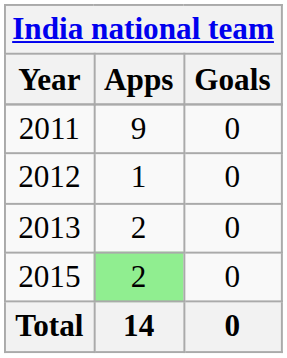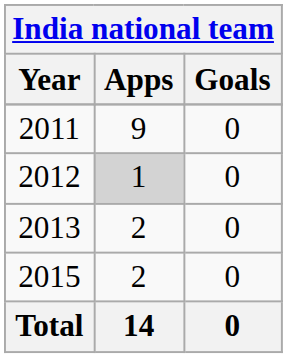 <table class="wikitable" style="text-align:center">
 <tr>
 <th colspan=3><a href='#'>India national team</a></th>
 </tr>
 <tr>
 <th>Year</th>
 <th>Apps</th>
 <th>Goals</th>
 </tr>
 <tr>
 </tr>
 <tr>
 <td>2011</td>
 <td>9</td>
 <td>0</td>
 </tr>
 <tr>
 <td>2012</td>
-<td>1</td>
+<td style="background: lightgrey;">1</td>
 <td>0</td>
 </tr>
 <tr>
 <td>2013</td>
 <td>2</td>
 <td>0</td>
 </tr>
 <tr>
 <td>2015</td>
-<td style="background: lightgreen;">2</td>
+<td>2</td>
 <td>0</td>
 </tr>
 <tr>
 <th>Total</th>
 <th>14</th>
 <th>0</th>
 </tr>
 </table>
